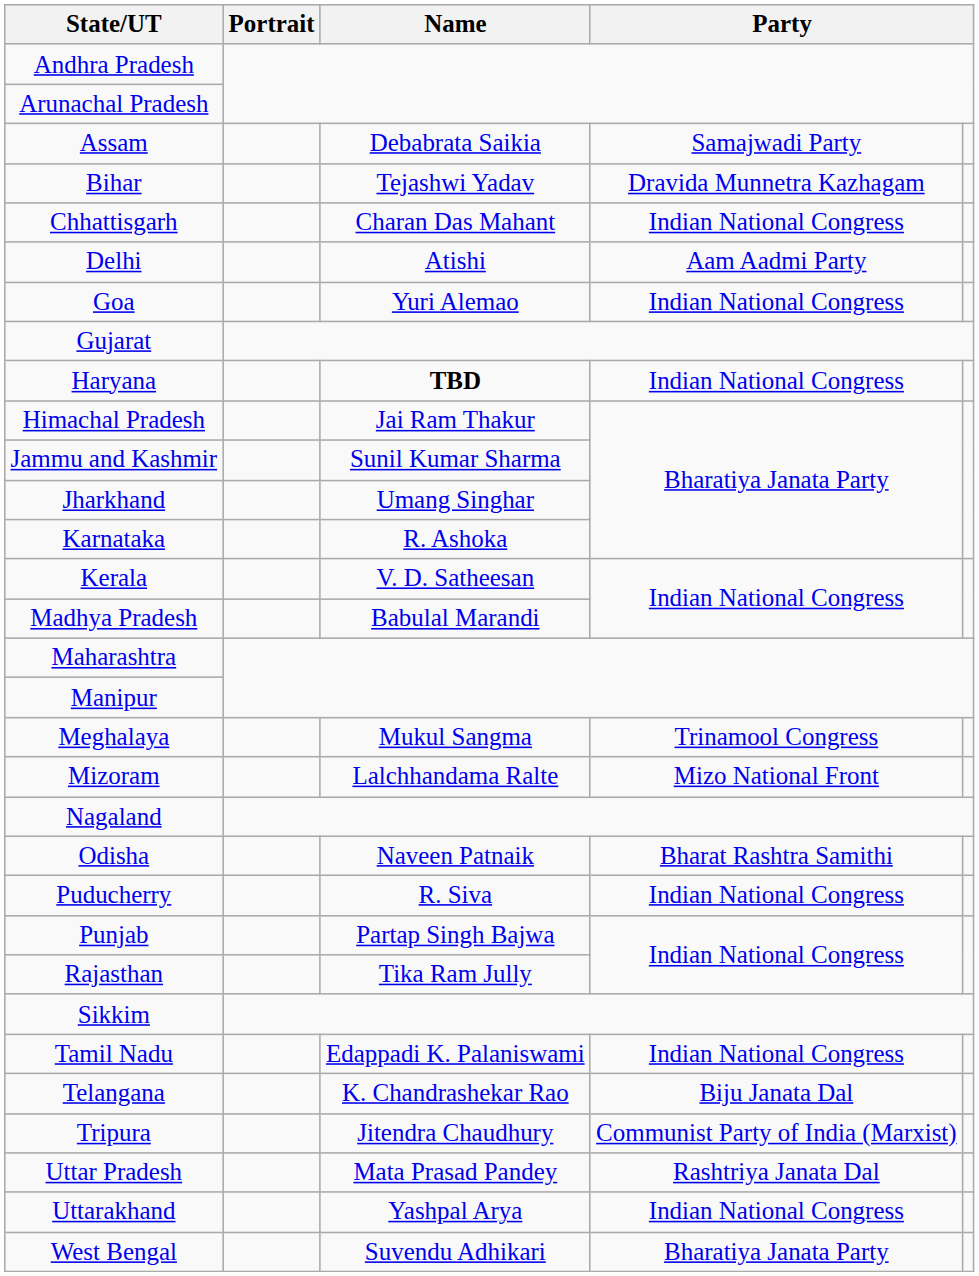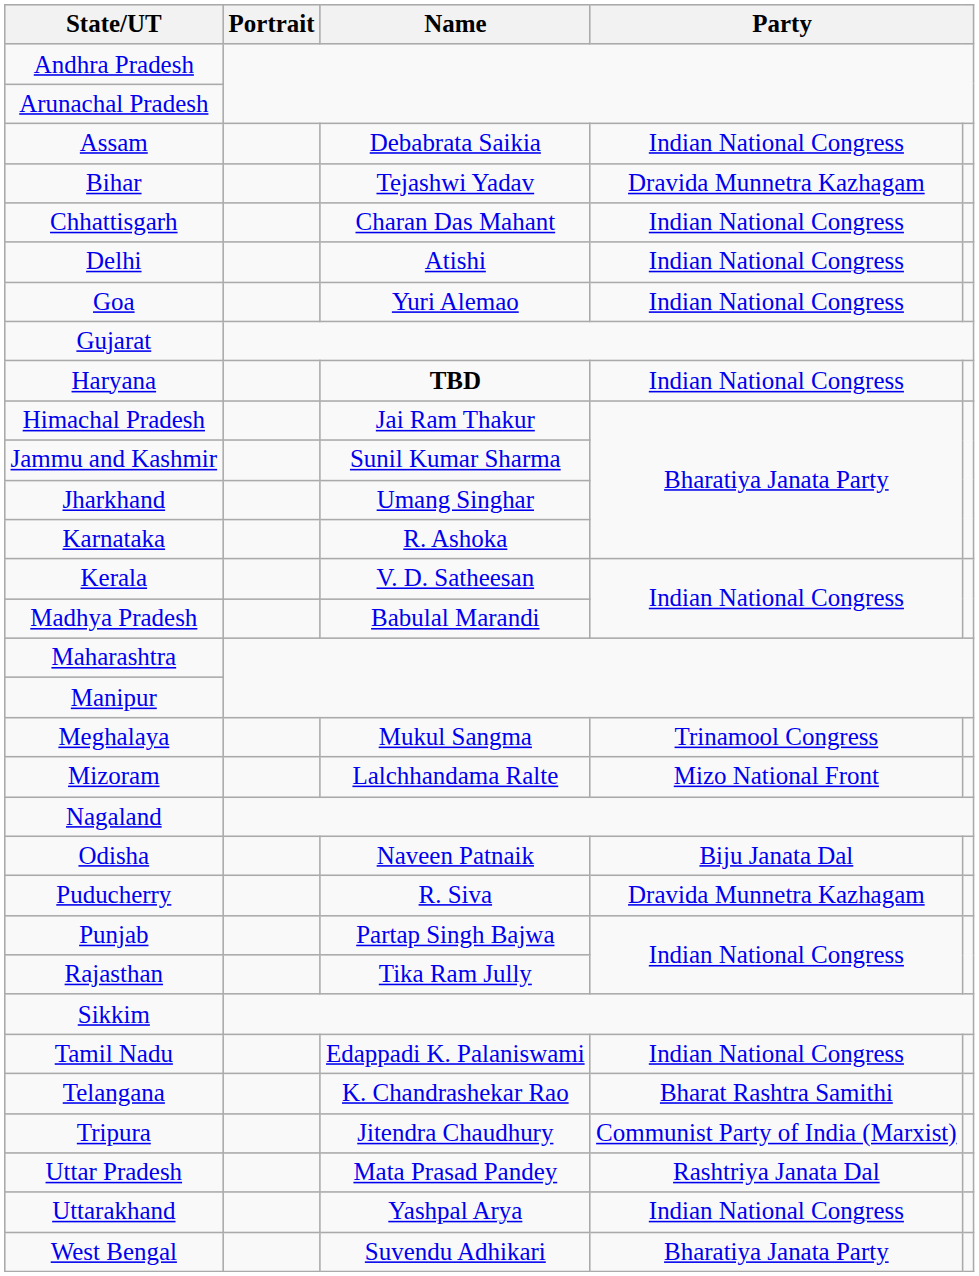 <table class="wikitable" style="text-align:center;">
 <tr>
 <th>State/UT</th>
 <th>Portrait</th>
 <th>Name</th>
 <th colspan="2" scope="col">Party</th>
 </tr>
 <tr>
 <td><a href='#'>Andhra Pradesh</a></td>
 <td rowspan=2 colspan="4"></td>
 </tr>
 <tr>
 <td><a href='#'>Arunachal Pradesh</a></td>
 </tr>
 <tr>
 <td><a href='#'>Assam</a></td>
 <td></td>
 <td><a href='#'>Debabrata Saikia</a></td>
-<td><a href='#'>Samajwadi Party</a></td>
+<td><a href='#'>Indian National Congress</a></td>
 <td style="background-color: "></td>
 </tr>
 <tr>
 <td><a href='#'>Bihar</a></td>
 <td></td>
 <td><a href='#'>Tejashwi Yadav</a></td>
 <td><a href='#'>Dravida Munnetra Kazhagam</a></td>
 <td rowspan="1" style="background-color: "></td>
 </tr>
 <tr>
 <td><a href='#'>Chhattisgarh</a></td>
 <td></td>
 <td><a href='#'>Charan Das Mahant</a></td>
 <td><a href='#'>Indian National Congress</a></td>
 <td style="background-color: "></td>
 </tr>
 <tr>
 <td><a href='#'>Delhi</a></td>
 <td></td>
 <td><a href='#'>Atishi</a></td>
-<td rowspan="1"><a href='#'>Aam Aadmi Party</a></td>
+<td><a href='#'>Indian National Congress</a></td>
 <td rowspan="1" style="background-color: "></td>
 </tr>
 <tr>
 <td><a href='#'>Goa</a></td>
 <td></td>
 <td><a href='#'>Yuri Alemao</a></td>
 <td><a href='#'>Indian National Congress</a></td>
 <td style="background-color: "></td>
 </tr>
 <tr>
 <td><a href='#'>Gujarat</a></td>
 <td colspan="4"></td>
 </tr>
 <tr>
 <td><a href='#'>Haryana</a></td>
 <td></td>
 <td><strong>TBD</strong></td>
 <td><a href='#'>Indian National Congress</a></td>
 <td style="background-color:"></td>
 </tr>
 <tr>
 <td><a href='#'>Himachal Pradesh</a></td>
 <td></td>
 <td><a href='#'>Jai Ram Thakur</a></td>
 <td rowspan="4"><a href='#'>Bharatiya Janata Party</a></td>
 <td rowspan="4" style="background-color: "></td>
 </tr>
 <tr>
 <td><a href='#'>Jammu and Kashmir</a></td>
 <td></td>
 <td><a href='#'>Sunil Kumar Sharma</a></td>
 </tr>
 <tr>
 <td><a href='#'>Jharkhand</a></td>
 <td></td>
 <td><a href='#'>Umang Singhar</a></td>
 </tr>
 <tr>
 <td><a href='#'>Karnataka</a></td>
 <td></td>
 <td><a href='#'>R. Ashoka</a></td>
 </tr>
 <tr>
 <td><a href='#'>Kerala</a></td>
 <td></td>
 <td><a href='#'>V. D. Satheesan</a></td>
 <td rowspan="2"><a href='#'>Indian National Congress</a></td>
 <td rowspan="2" style="background-color: "></td>
 </tr>
 <tr>
 <td><a href='#'>Madhya Pradesh</a></td>
 <td></td>
 <td><a href='#'>Babulal Marandi</a></td>
 </tr>
 <tr>
 <td><a href='#'>Maharashtra</a></td>
 <td rowspan="2" colspan="4"></td>
 </tr>
 <tr>
 <td><a href='#'>Manipur</a></td>
 </tr>
 <tr>
 <td><a href='#'>Meghalaya</a></td>
 <td></td>
 <td><a href='#'>Mukul Sangma</a></td>
 <td><a href='#'>Trinamool Congress</a></td>
 <td style="background-color: "></td>
 </tr>
 <tr>
 <td><a href='#'>Mizoram</a></td>
 <td></td>
 <td><a href='#'>Lalchhandama Ralte</a></td>
 <td><a href='#'>Mizo National Front</a></td>
 <td style="background-color: "></td>
 </tr>
 <tr>
 <td><a href='#'>Nagaland</a></td>
 <td colspan="4"></td>
 </tr>
 <tr>
 <td><a href='#'>Odisha</a></td>
 <td></td>
 <td><a href='#'>Naveen Patnaik</a></td>
-<td><a href='#'>Bharat Rashtra Samithi</a></td>
+<td><a href='#'>Biju Janata Dal</a></td>
 <td style="background-color: "></td>
 </tr>
 <tr>
 <td><a href='#'>Puducherry</a></td>
 <td></td>
 <td><a href='#'>R. Siva</a></td>
-<td><a href='#'>Indian National Congress</a></td>
+<td><a href='#'>Dravida Munnetra Kazhagam</a></td>
 <td style="background-color: "></td>
 </tr>
 <tr>
 <td><a href='#'>Punjab</a></td>
 <td></td>
 <td><a href='#'>Partap Singh Bajwa</a></td>
 <td rowspan="2"><a href='#'>Indian National Congress</a></td>
 <td rowspan="2" style="background-color: "></td>
 </tr>
 <tr>
 <td><a href='#'>Rajasthan</a></td>
 <td></td>
 <td><a href='#'>Tika Ram Jully</a></td>
 </tr>
 <tr>
 <td><a href='#'>Sikkim</a></td>
 <td colspan="4"></td>
 </tr>
 <tr>
 <td><a href='#'>Tamil Nadu</a></td>
 <td></td>
 <td><a href='#'>Edappadi K. Palaniswami</a></td>
 <td><a href='#'>Indian National Congress</a></td>
 <td></td>
 </tr>
 <tr>
 <td><a href='#'>Telangana</a></td>
 <td></td>
 <td><a href='#'>K. Chandrashekar Rao</a></td>
-<td><a href='#'>Biju Janata Dal</a></td>
+<td><a href='#'>Bharat Rashtra Samithi</a></td>
 <td style="background-color: "></td>
 </tr>
 <tr>
 <td><a href='#'>Tripura</a></td>
 <td></td>
 <td><a href='#'>Jitendra Chaudhury</a></td>
 <td><a href='#'>Communist Party of India (Marxist)</a></td>
 <td style="background-color: "></td>
 </tr>
 <tr>
 <td><a href='#'>Uttar Pradesh</a></td>
 <td></td>
 <td><a href='#'>Mata Prasad Pandey</a></td>
 <td rowspan="1"><a href='#'>Rashtriya Janata Dal</a></td>
 <td style="background-color: "></td>
 </tr>
 <tr>
 <td><a href='#'>Uttarakhand</a></td>
 <td></td>
 <td><a href='#'>Yashpal Arya</a></td>
 <td><a href='#'>Indian National Congress</a></td>
 <td style="background-color: "></td>
 </tr>
 <tr>
 <td><a href='#'>West Bengal</a></td>
 <td></td>
 <td><a href='#'>Suvendu Adhikari</a></td>
 <td><a href='#'>Bharatiya Janata Party</a></td>
 <td style="background-color: "></td>
 </tr>
 </table>
